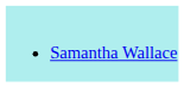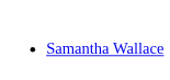 <table>
 <tr>
 <td><br></td>
 </tr>
 <tr style="vertical-align:top">
-<td style="background: paleturquoise;"><br><ul><li><a href='#'>Samantha Wallace</a></li></ul></td>
+<td><br><ul><li><a href='#'>Samantha Wallace</a></li></ul></td>
 </tr>
 </table>
